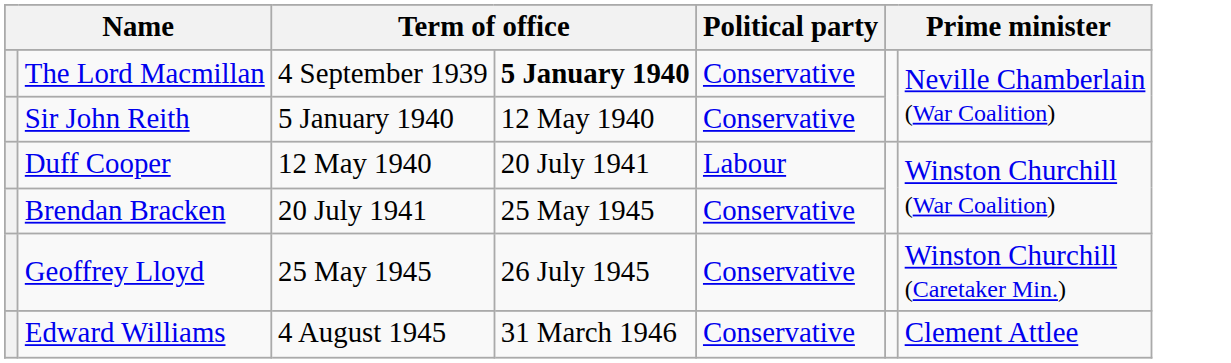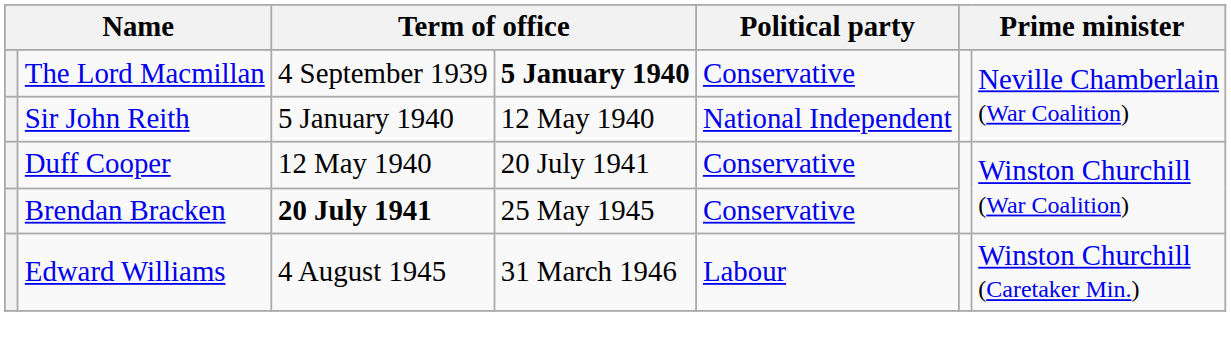 <table class="wikitable">
 <tr>
 <th colspan=2>Name</th>
 <th colspan=2>Term of office</th>
 <th>Political party</th>
 <th colspan=2>Prime minister</th>
 </tr>
 <tr>
 <th style="background-color: "></th>
 <td><a href='#'>The Lord Macmillan</a></td>
 <td>4 September 1939</td>
 <td><strong>5 January 1940</strong></td>
 <td><a href='#'>Conservative</a></td>
 <td rowspan=2 style="background-color: "></td>
 <td rowspan=2><a href='#'>Neville Chamberlain</a><br><small>(<a href='#'>War Coalition</a>)</small></td>
 </tr>
 <tr>
 <th style="background-color: "></th>
 <td><a href='#'>Sir John Reith</a></td>
 <td>5 January 1940</td>
 <td>12 May 1940</td>
-<td><a href='#'>Conservative</a></td>
+<td><a href='#'>National Independent</a></td>
 </tr>
 <tr>
 <th style="background-color: "></th>
 <td><a href='#'>Duff Cooper</a></td>
 <td>12 May 1940</td>
 <td>20 July 1941</td>
-<td><a href='#'>Labour</a></td>
+<td><a href='#'>Conservative</a></td>
 <td rowspan=2 style="background-color: "></td>
 <td rowspan=2><a href='#'>Winston Churchill</a><br><small>(<a href='#'>War Coalition</a>)</small></td>
 </tr>
 <tr>
 <th style="background-color: "></th>
 <td><a href='#'>Brendan Bracken</a></td>
-<td>20 July 1941</td>
+<td><strong>20 July 1941</strong></td>
 <td>25 May 1945</td>
 <td><a href='#'>Conservative</a></td>
-</tr>
-<tr>
-<th style="background-color: "></th>
-<td><a href='#'>Geoffrey Lloyd</a></td>
-<td>25 May 1945</td>
-<td>26 July 1945</td>
-<td><a href='#'>Conservative</a></td>
-<td style="background-color: "></td>
-<td><a href='#'>Winston Churchill</a><br><small>(<a href='#'>Caretaker Min.</a>)</small></td>
 </tr>
 <tr>
 <th style="background-color: "></th>
 <td><a href='#'>Edward Williams</a></td>
 <td>4 August 1945</td>
 <td>31 March 1946</td>
-<td><a href='#'>Conservative</a></td>
+<td><a href='#'>Labour</a></td>
 <td style="background-color: "></td>
-<td><a href='#'>Clement Attlee</a></td>
+<td><a href='#'>Winston Churchill</a><br><small>(<a href='#'>Caretaker Min.</a>)</small></td>
 </tr>
 </table>
